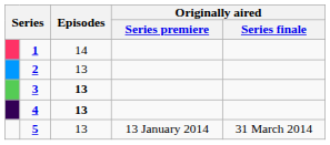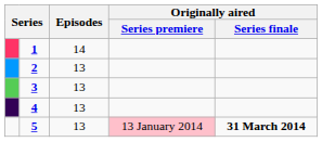 <table class="wikitable">
 <tr>
 <th style="padding:0 8px;" rowspan="2" colspan="2">Series</th>
 <th style="padding:0 8px;" rowspan="2">Episodes</th>
 <th style="padding:0 80px;" colspan="2">Originally aired</th>
 </tr>
 <tr>
 <th><a href='#'>Series premiere</a></th>
 <th><a href='#'>Series finale</a></th>
 </tr>
 <tr>
 <td style="background:#f36; color:#100; text-align:center;"></td>
 <td style="text-align:center;"><strong><a href='#'>1</a></strong></td>
 <td style="text-align:center;">14</td>
 <td style="text-align:center;"></td>
 <td style="text-align:center;"></td>
 </tr>
 <tr>
 <td style="background:#09f; color:#100; text-align:center;"></td>
 <td style="text-align:center;"><strong><a href='#'>2</a></strong></td>
 <td style="text-align:center;">13</td>
 <td style="text-align:center;"></td>
 <td style="text-align:center;"></td>
 </tr>
 <tr>
 <td style="background:#5c5; color:#100; text-align:center;"></td>
 <td style="text-align:center;"><strong><a href='#'>3</a></strong></td>
-<td style="text-align:center;"><strong>13</strong></td>
+<td style="text-align:center;">13</td>
 <td style="text-align:center;"></td>
 <td style="text-align:center;"></td>
 </tr>
 <tr>
 <td style="background:#305; color:#100; text-align:center;"></td>
 <td style="text-align:center;"><strong><a href='#'>4</a></strong></td>
-<td style="text-align:center;"><strong>13</strong></td>
+<td style="text-align:center;">13</td>
 <td style="text-align:center;"></td>
 <td style="text-align:center;"></td>
 </tr>
 <tr>
 <td style="background:#; color:#100; text-align:center;"></td>
 <td style="text-align:center;"><strong><a href='#'>5</a></strong></td>
 <td style="text-align:center;">13</td>
-<td style="text-align:center;">13 January 2014</td>
-<td style="text-align:center;">31 March 2014</td>
+<td style="background: pink; text-align:center;">13 January 2014</td>
+<td style="text-align:center;"><strong>31 March 2014</strong></td>
 </tr>
 </table>
